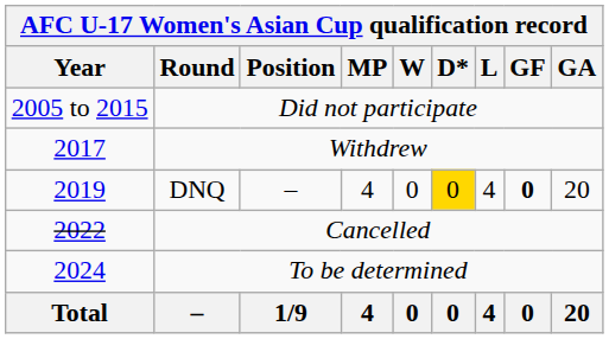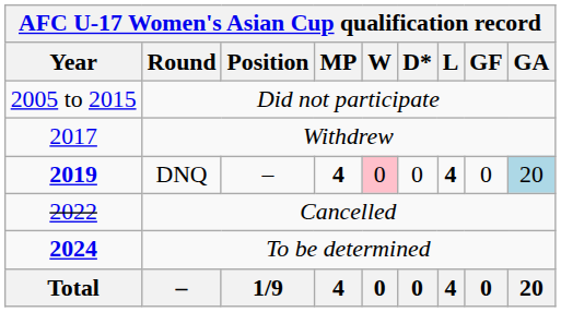 <table class="wikitable" style="text-align: center;">
 <tr>
 <th colspan=10><a href='#'>AFC U-17 Women's Asian Cup</a> qualification record</th>
 </tr>
 <tr>
 <th>Year</th>
 <th>Round</th>
 <th>Position</th>
 <th>MP</th>
 <th>W</th>
 <th>D*</th>
 <th>L</th>
 <th>GF</th>
 <th>GA</th>
 </tr>
 <tr>
 <td> <a href='#'>2005</a> to   <a href='#'>2015</a></td>
 <td colspan=9><em>Did not participate</em></td>
 </tr>
 <tr>
 <td> <a href='#'>2017</a></td>
 <td colspan=9><em> Withdrew</em></td>
 </tr>
 <tr>
-<td> <a href='#'>2019</a></td>
+<td><strong> <a href='#'>2019</a></strong></td>
 <td>DNQ</td>
 <td>–</td>
-<td>4</td>
+<td><strong>4</strong></td>
+<td style="background: pink;">0</td>
 <td>0</td>
-<td style="background: gold;">0</td>
-<td>4</td>
-<td><strong>0</strong></td>
-<td>20</td>
+<td><strong>4</strong></td>
+<td>0</td>
+<td style="background: lightblue;">20</td>
 </tr>
 <tr>
 <td> <s> <a href='#'>2022</a></s></td>
 <td colspan=9><em> Cancelled </em></td>
 </tr>
 <tr>
-<td> <a href='#'>2024</a></td>
+<td><strong> <a href='#'>2024</a></strong></td>
 <td colspan=9><em> To be determined </em></td>
 </tr>
 <tr>
 <th>Total</th>
 <th>–</th>
 <th>1/9</th>
 <th>4</th>
 <th>0</th>
 <th>0</th>
 <th>4</th>
 <th>0</th>
 <th>20</th>
 </tr>
 </table>
